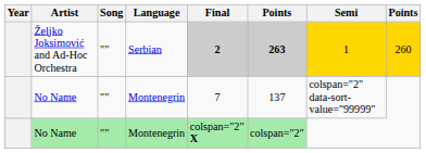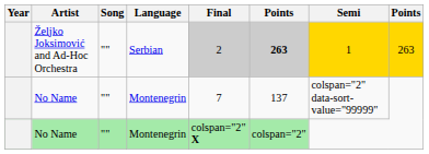 <table class="wikitable sortable plainrowheaders">
 <tr>
 <th scope="col">Year</th>
 <th scope="col">Artist</th>
 <th scope="col">Song</th>
 <th scope="col">Language</th>
 <th scope="col" data-sort-type="number">Final</th>
 <th scope="col" data-sort-type="number">Points</th>
 <th scope="col" class="unsortable">Semi</th>
 <th scope="col" class="unsortable">Points</th>
 </tr>
 <tr>
 <th scope="row" style="text-align:center"></th>
 <td><a href='#'>Željko Joksimović</a> and Ad-Hoc Orchestra</td>
 <td>"" </td>
 <td><a href='#'>Serbian</a></td>
-<td style="text-align:center; background-color:#CCC;"><strong>2</strong></td>
+<td style="text-align:center; background-color:#CCC;">2</td>
 <td style="text-align:center; background-color:#CCC;"><strong>263</strong></td>
 <td style="text-align:center; background-color:#FFD700;">1</td>
-<td style="text-align:center; background-color:#FFD700;">260</td>
+<td style="text-align:center; background-color:#FFD700;">263</td>
 </tr>
 <tr>
 <th scope="row" style="text-align:center"></th>
 <td><a href='#'>No Name</a></td>
 <td>"" </td>
 <td><a href='#'>Montenegrin</a></td>
 <td style="text-align:center;">7</td>
 <td style="text-align:center;">137</td>
 <td>colspan="2" data-sort-value="99999" </td>
 </tr>
 <tr style="background-color:#A4EAA9;">
 <th scope="row" style="text-align:center"></th>
 <td>No Name</td>
 <td>"" </td>
 <td>Montenegrin</td>
 <td>colspan="2"  <strong>X</strong></td>
 <td>colspan="2" </td>
 </tr>
 </table>
